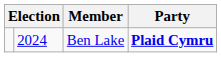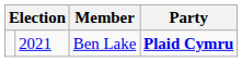 <table class="wikitable">
 <tr>
 <th colspan="2">Election</th>
 <th>Member</th>
 <th>Party</th>
 </tr>
 <tr>
 <td style="color:inherit;background-color: "></td>
-<td><a href='#'>2024</a></td>
+<td><a href='#'>2021</a></td>
 <td><a href='#'>Ben Lake</a></td>
 <td><strong><a href='#'>Plaid Cymru</a></strong></td>
 </tr>
 </table>
